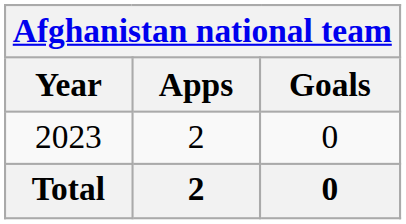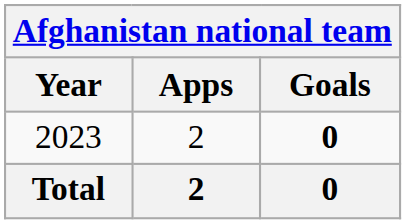 <table class="wikitable" style="text-align:center">
 <tr>
 <th colspan=3><a href='#'>Afghanistan national team</a></th>
 </tr>
 <tr>
 <th>Year</th>
 <th>Apps</th>
 <th>Goals</th>
 </tr>
 <tr>
 <td>2023</td>
 <td>2</td>
-<td>0</td>
+<td><strong>0</strong></td>
 </tr>
 <tr>
 <th>Total</th>
 <th>2</th>
 <th>0</th>
 </tr>
 </table>
